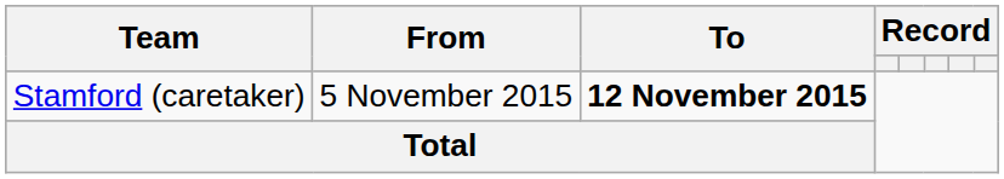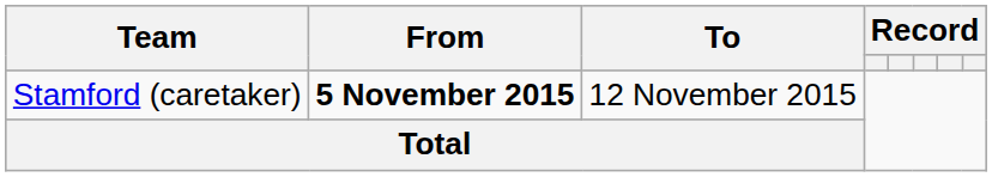 <table class=wikitable style=text-align:center>
 <tr>
 <th rowspan=2>Team</th>
 <th rowspan=2>From</th>
 <th rowspan=2>To</th>
 <th colspan=5>Record</th>
 </tr>
 <tr>
 <th></th>
 <th></th>
 <th></th>
 <th></th>
 <th></th>
 </tr>
 <tr>
 <td align=left><a href='#'>Stamford</a> (caretaker)</td>
-<td align=left>5 November 2015</td>
-<td align=left><strong>12 November 2015<br></strong></td>
+<td align=left><strong>5 November 2015</strong></td>
+<td align=left>12 November 2015<br></td>
 </tr>
 <tr>
 <th colspan=3>Total<br></th>
 </tr>
 </table>
